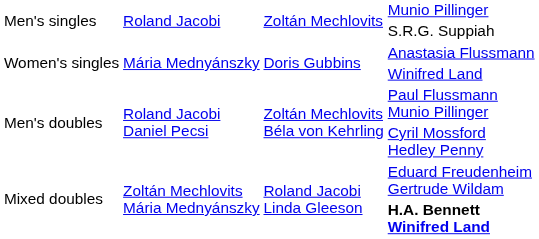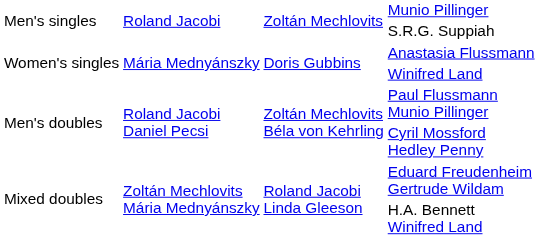 <table>
 <tr>
 <td rowspan=2>Men's singles <br></td>
 <td rowspan=2> <a href='#'>Roland Jacobi</a></td>
 <td rowspan=2> <a href='#'>Zoltán Mechlovits</a></td>
 <td> <a href='#'>Munio Pillinger</a></td>
 </tr>
 <tr>
 <td> S.R.G. Suppiah</td>
 </tr>
 <tr>
 <td rowspan=2>Women's singles <br></td>
 <td rowspan=2> <a href='#'>Mária Mednyánszky</a></td>
 <td rowspan=2> <a href='#'>Doris Gubbins</a></td>
 <td> <a href='#'>Anastasia Flussmann</a></td>
 </tr>
 <tr>
 <td> <a href='#'>Winifred Land</a></td>
 </tr>
 <tr>
 <td rowspan=2>Men's doubles<br></td>
 <td rowspan=2> <a href='#'>Roland Jacobi</a><br> <a href='#'>Daniel Pecsi</a></td>
 <td rowspan=2> <a href='#'>Zoltán Mechlovits</a><br> <a href='#'>Béla von Kehrling</a></td>
 <td> <a href='#'>Paul Flussmann</a><br> <a href='#'>Munio Pillinger</a></td>
 </tr>
 <tr>
 <td> <a href='#'>Cyril Mossford</a><br> <a href='#'>Hedley Penny</a></td>
 </tr>
 <tr>
 <td rowspan=2>Mixed doubles<br></td>
 <td rowspan=2> <a href='#'>Zoltán Mechlovits</a><br> <a href='#'>Mária Mednyánszky</a></td>
 <td rowspan=2> <a href='#'>Roland Jacobi</a><br> <a href='#'>Linda Gleeson</a></td>
 <td> <a href='#'>Eduard Freudenheim</a><br> <a href='#'>Gertrude Wildam</a></td>
 </tr>
 <tr>
-<td><strong> H.A. Bennett<br> <a href='#'>Winifred Land</a></strong></td>
+<td> H.A. Bennett<br> <a href='#'>Winifred Land</a></td>
 </tr>
 </table>
